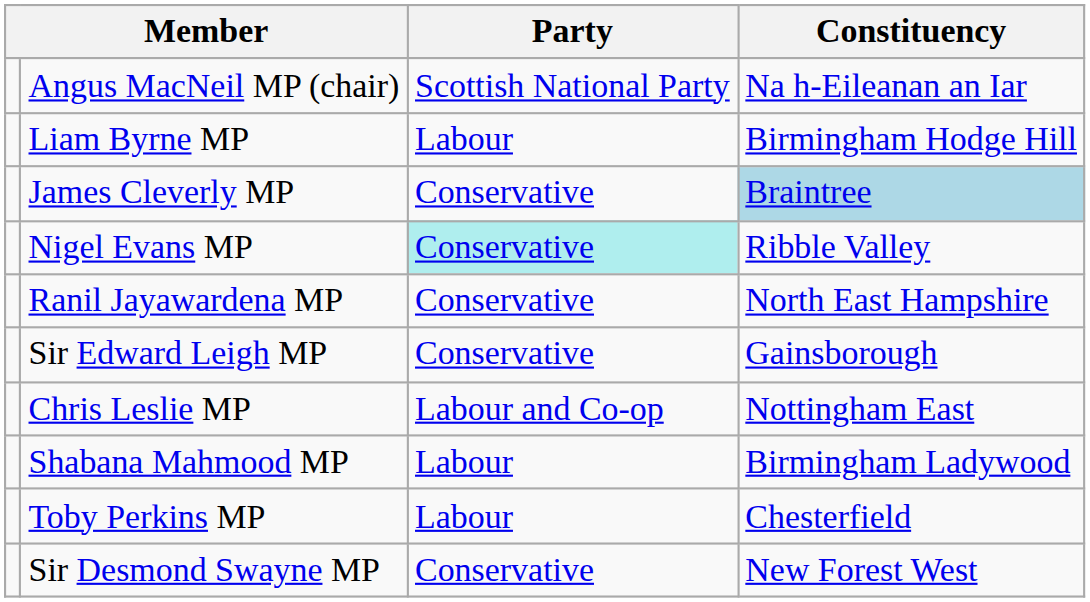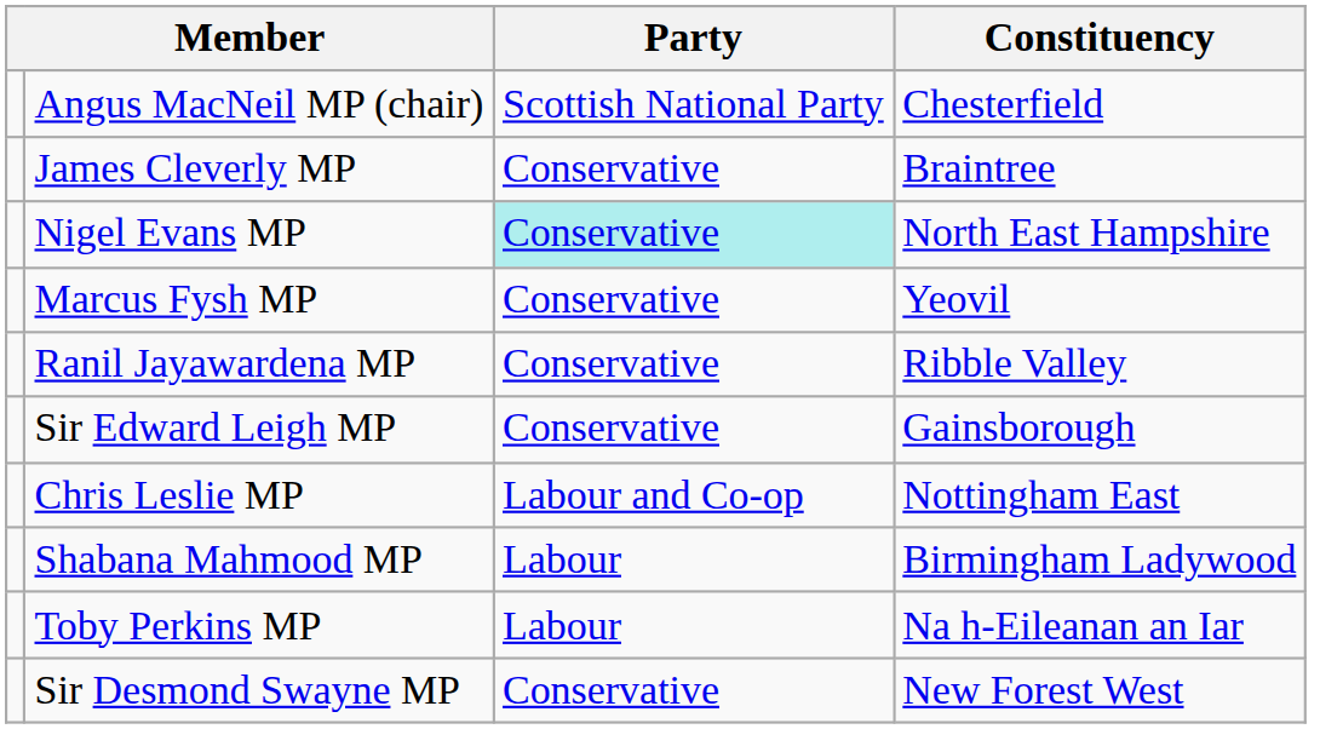 <table class="wikitable">
 <tr>
 <th colspan="2" valign="top">Member</th>
 <th valign="top">Party</th>
 <th valign="top">Constituency</th>
 </tr>
 <tr>
 <td style="color:inherit;background:"></td>
 <td><a href='#'>Angus MacNeil</a> MP (chair)</td>
 <td><a href='#'>Scottish National Party</a></td>
-<td><a href='#'>Na h-Eileanan an Iar</a></td>
-</tr>
-<tr>
-<td style="color:inherit;background:"></td>
-<td><a href='#'>Liam Byrne</a> MP</td>
-<td><a href='#'>Labour</a></td>
-<td><a href='#'>Birmingham Hodge Hill</a></td>
+<td><a href='#'>Chesterfield</a></td>
 </tr>
 <tr>
 <td style="color:inherit;background:"></td>
 <td><a href='#'>James Cleverly</a> MP</td>
 <td><a href='#'>Conservative</a></td>
-<td style="background: lightblue;"><a href='#'>Braintree</a></td>
+<td><a href='#'>Braintree</a></td>
 </tr>
 <tr>
 <td style="color:inherit;background:"></td>
 <td><a href='#'>Nigel Evans</a> MP</td>
 <td style="background: paleturquoise;"><a href='#'>Conservative</a></td>
-<td><a href='#'>Ribble Valley</a></td>
+<td><a href='#'>North East Hampshire</a></td>
+</tr>
+<tr>
+<td style="color:inherit;background:"></td>
+<td><a href='#'>Marcus Fysh</a> MP</td>
+<td><a href='#'>Conservative</a></td>
+<td><a href='#'>Yeovil</a></td>
 </tr>
 <tr>
 <td style="color:inherit;background:"></td>
 <td><a href='#'>Ranil Jayawardena</a> MP</td>
 <td><a href='#'>Conservative</a></td>
-<td><a href='#'>North East Hampshire</a></td>
+<td><a href='#'>Ribble Valley</a></td>
 </tr>
 <tr>
 <td style="color:inherit;background:"></td>
 <td>Sir <a href='#'>Edward Leigh</a> MP</td>
 <td><a href='#'>Conservative</a></td>
 <td><a href='#'>Gainsborough</a></td>
 </tr>
 <tr>
 <td style="color:inherit;background:"></td>
 <td><a href='#'>Chris Leslie</a> MP</td>
 <td><a href='#'>Labour and Co-op</a></td>
 <td><a href='#'>Nottingham East</a></td>
 </tr>
 <tr>
 <td style="color:inherit;background:"></td>
 <td><a href='#'>Shabana Mahmood</a> MP</td>
 <td><a href='#'>Labour</a></td>
 <td><a href='#'>Birmingham Ladywood</a></td>
 </tr>
 <tr>
 <td style="color:inherit;background:"></td>
 <td><a href='#'>Toby Perkins</a> MP</td>
 <td><a href='#'>Labour</a></td>
-<td><a href='#'>Chesterfield</a></td>
+<td><a href='#'>Na h-Eileanan an Iar</a></td>
 </tr>
 <tr>
 <td style="color:inherit;background:"></td>
 <td>Sir <a href='#'>Desmond Swayne</a> MP</td>
 <td><a href='#'>Conservative</a></td>
 <td><a href='#'>New Forest West</a></td>
 </tr>
 </table>
